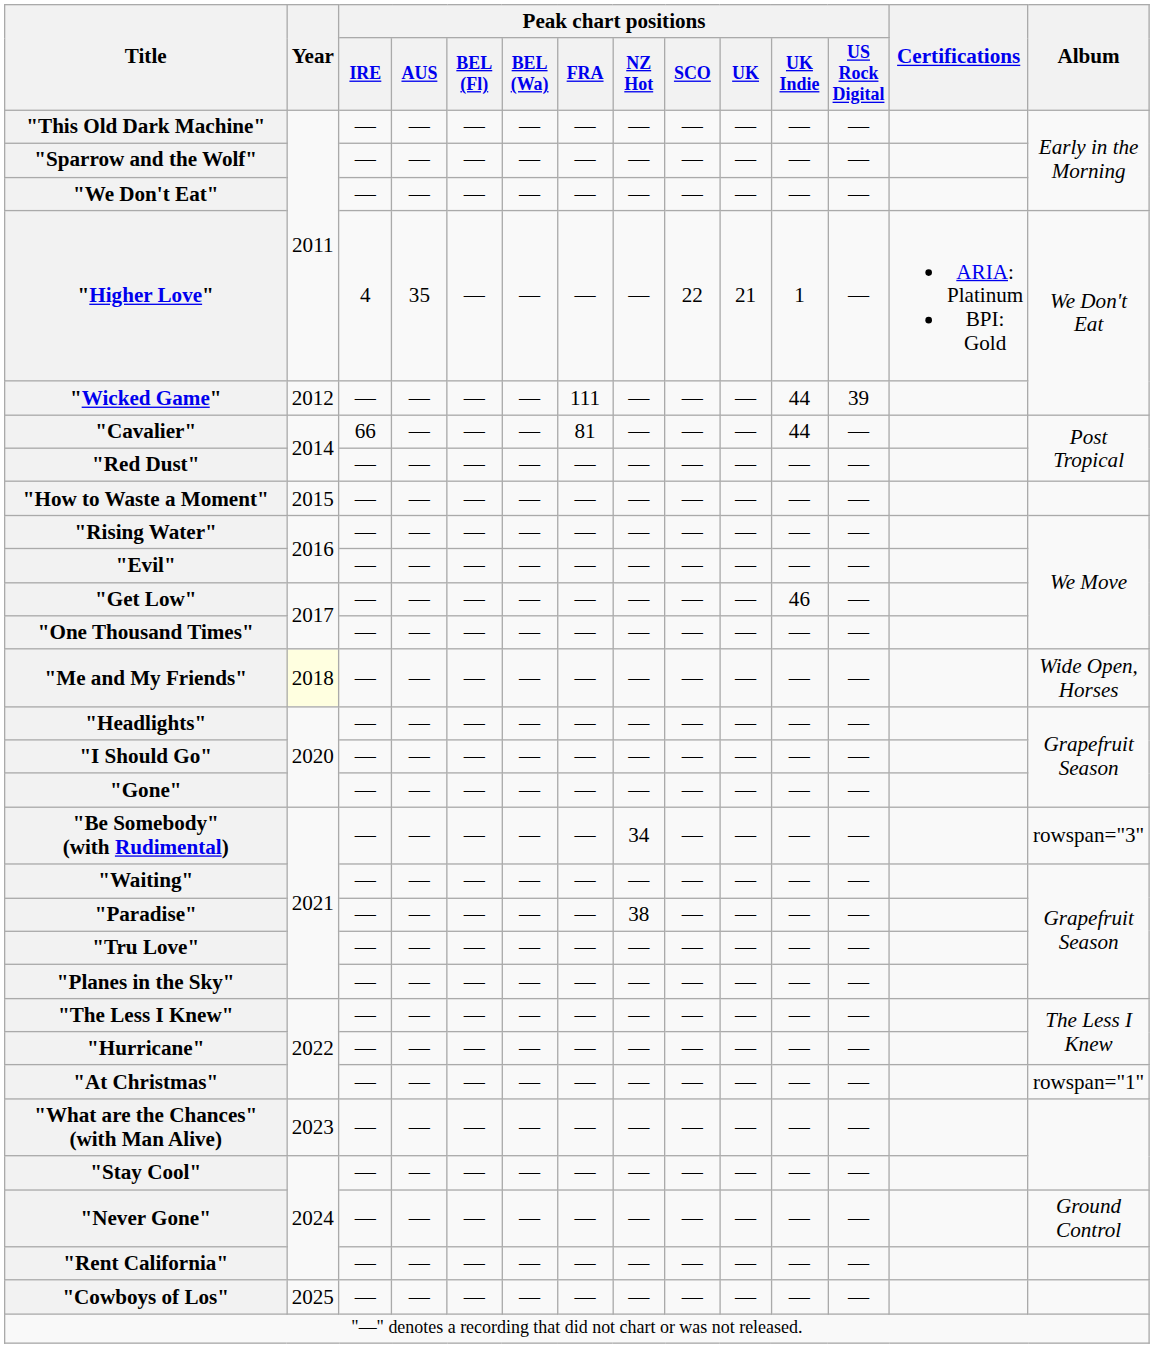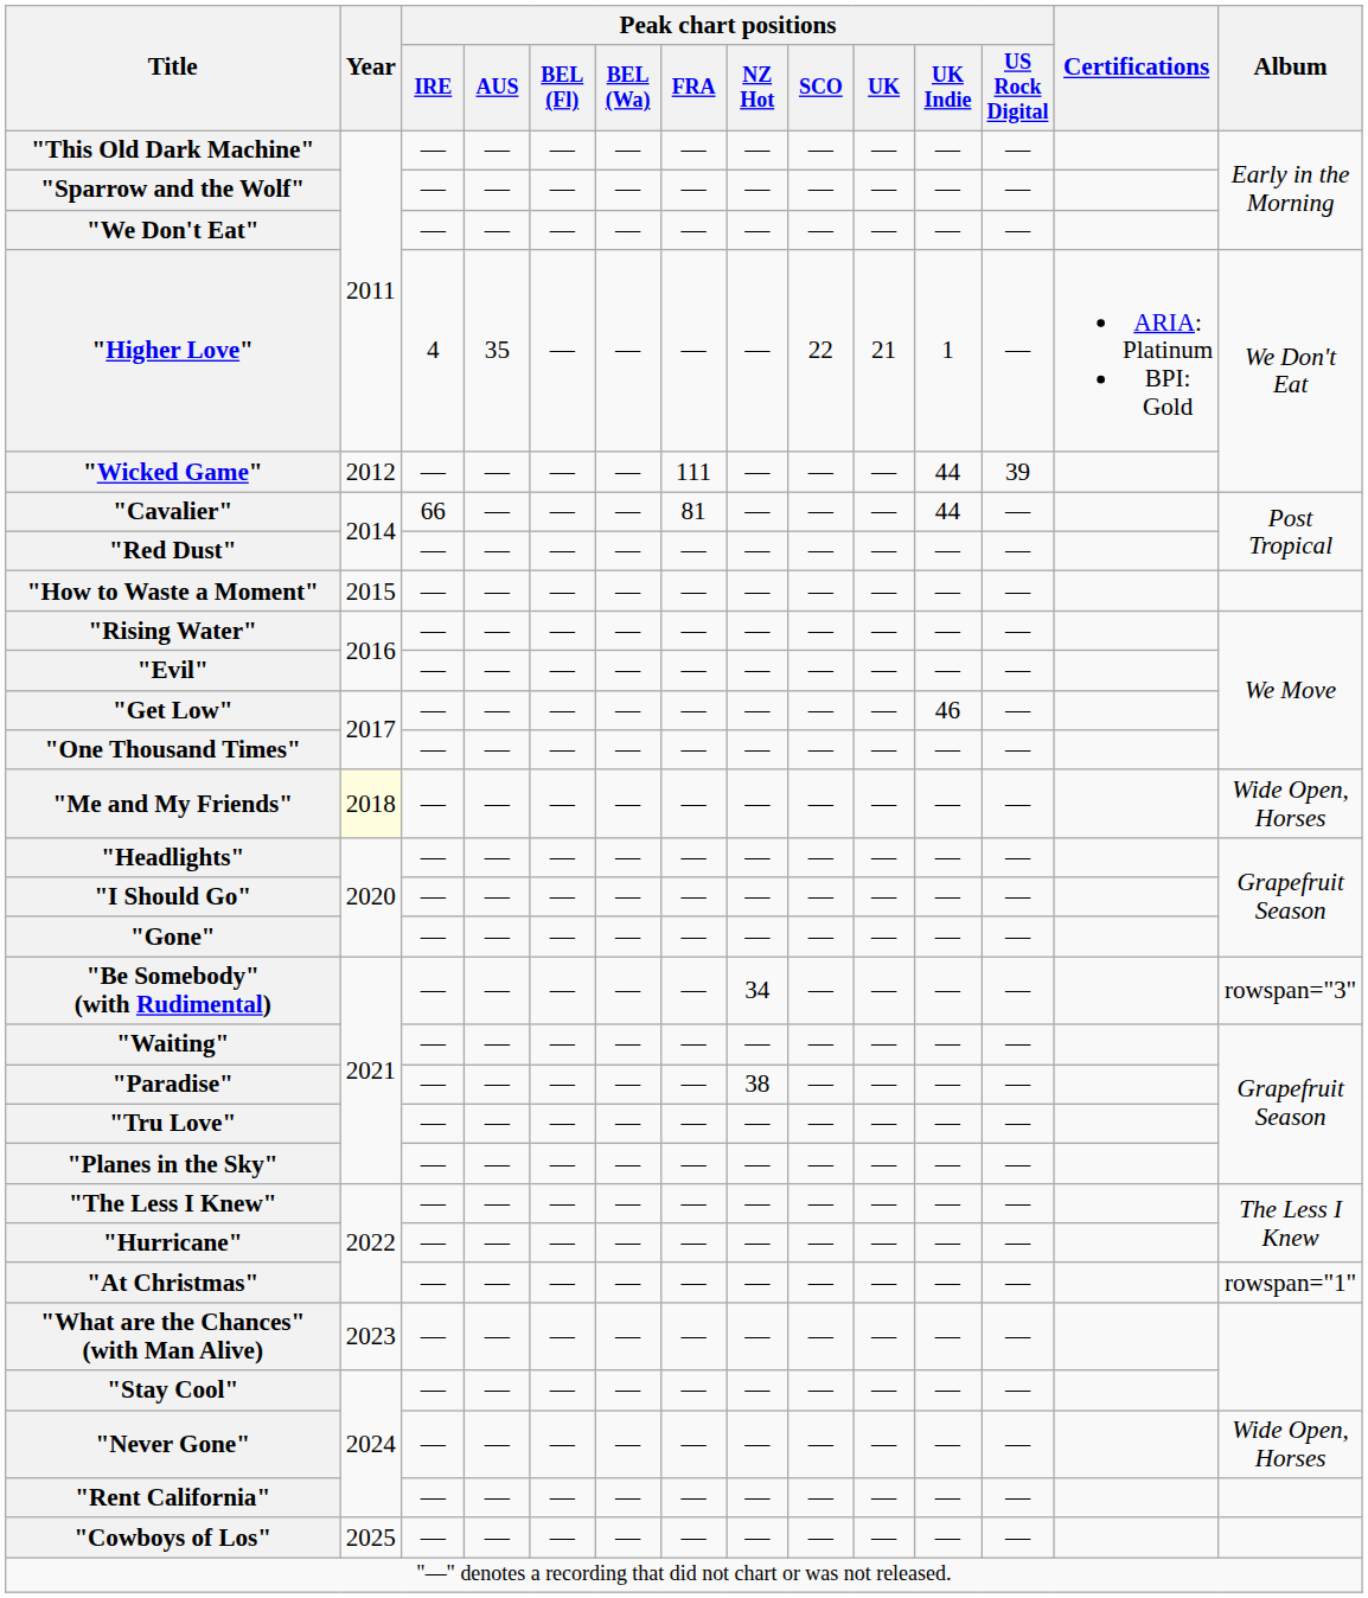 <table class="wikitable plainrowheaders" style="text-align:center;">
 <tr>
 <th scope="col" rowspan="2" style="width:18em;">Title</th>
 <th scope="col" rowspan="2" style="width:1em;">Year</th>
 <th scope="col" colspan="10">Peak chart positions</th>
 <th scope="col" rowspan="2"><a href='#'>Certifications</a></th>
 <th scope="col" rowspan="2">Album</th>
 </tr>
 <tr>
 <th scope="col" style="width:3em;font-size:85%;"><a href='#'>IRE</a><br></th>
 <th scope="col" style="width:3em;font-size:85%;"><a href='#'>AUS</a><br></th>
 <th scope="col" style="width:3em;font-size:85%;"><a href='#'>BEL <br>(Fl)</a><br></th>
 <th scope="col" style="width:3em;font-size:85%;"><a href='#'>BEL <br>(Wa)</a><br></th>
 <th scope="col" style="width:3em;font-size:85%;"><a href='#'>FRA</a><br></th>
 <th scope="col" style="width:3em;font-size:85%;"><a href='#'>NZ<br>Hot</a><br></th>
 <th scope="col" style="width:3em;font-size:85%;"><a href='#'>SCO</a><br></th>
 <th scope="col" style="width:3em;font-size:85%;"><a href='#'>UK</a><br></th>
 <th scope="col" style="width:3em;font-size:85%;"><a href='#'>UK<br>Indie</a><br></th>
 <th scope="col" style="width:3em;font-size:85%;"><a href='#'>US<br>Rock<br>Digital</a><br></th>
 </tr>
 <tr>
 <th scope="row">"This Old Dark Machine"</th>
 <td rowspan="4">2011</td>
 <td>—</td>
 <td>—</td>
 <td>—</td>
 <td>—</td>
 <td>—</td>
 <td>—</td>
 <td>—</td>
 <td>—</td>
 <td>—</td>
 <td>—</td>
 <td></td>
 <td rowspan="3"><em>Early in the Morning</em></td>
 </tr>
 <tr>
 <th scope="row">"Sparrow and the Wolf"</th>
 <td>—</td>
 <td>—</td>
 <td>—</td>
 <td>—</td>
 <td>—</td>
 <td>—</td>
 <td>—</td>
 <td>—</td>
 <td>—</td>
 <td>—</td>
 <td></td>
 </tr>
 <tr>
 <th scope="row">"We Don't Eat"</th>
 <td>—</td>
 <td>—</td>
 <td>—</td>
 <td>—</td>
 <td>—</td>
 <td>—</td>
 <td>—</td>
 <td>—</td>
 <td>—</td>
 <td>—</td>
 <td></td>
 </tr>
 <tr>
 <th scope="row">"<a href='#'>Higher Love</a>"</th>
 <td>4</td>
 <td>35</td>
 <td>—</td>
 <td>—</td>
 <td>—</td>
 <td>—</td>
 <td>22</td>
 <td>21</td>
 <td>1</td>
 <td>—</td>
 <td><br><ul><li><a href='#'>ARIA</a>: Platinum</li><li>BPI: Gold</li></ul></td>
 <td rowspan="2"><em>We Don't Eat</em></td>
 </tr>
 <tr>
 <th scope="row">"<a href='#'>Wicked Game</a>"</th>
 <td>2012</td>
 <td>—</td>
 <td>—</td>
 <td>—</td>
 <td>—</td>
 <td>111</td>
 <td>—</td>
 <td>—</td>
 <td>—</td>
 <td>44</td>
 <td>39</td>
 <td></td>
 </tr>
 <tr>
 <th scope="row">"Cavalier"</th>
 <td rowspan="2">2014</td>
 <td>66</td>
 <td>—</td>
 <td>—</td>
 <td>—</td>
 <td>81</td>
 <td>—</td>
 <td>—</td>
 <td>—</td>
 <td>44</td>
 <td>—</td>
 <td></td>
 <td rowspan="2"><em>Post Tropical</em></td>
 </tr>
 <tr>
 <th scope="row">"Red Dust"</th>
 <td>—</td>
 <td>—</td>
 <td>—</td>
 <td>—</td>
 <td>—</td>
 <td>—</td>
 <td>—</td>
 <td>—</td>
 <td>—</td>
 <td>—</td>
 <td></td>
 </tr>
 <tr>
 <th scope="row">"How to Waste a Moment"</th>
 <td>2015</td>
 <td>—</td>
 <td>—</td>
 <td>—</td>
 <td>—</td>
 <td>—</td>
 <td>—</td>
 <td>—</td>
 <td>—</td>
 <td>—</td>
 <td>—</td>
 <td></td>
 <td></td>
 </tr>
 <tr>
 <th scope="row">"Rising Water"</th>
 <td rowspan="2">2016</td>
 <td>—</td>
 <td>—</td>
 <td>—</td>
 <td>—</td>
 <td>—</td>
 <td>—</td>
 <td>—</td>
 <td>—</td>
 <td>—</td>
 <td>—</td>
 <td></td>
 <td rowspan="4"><em>We Move</em></td>
 </tr>
 <tr>
 <th scope="row">"Evil"</th>
 <td>—</td>
 <td>—</td>
 <td>—</td>
 <td>—</td>
 <td>—</td>
 <td>—</td>
 <td>—</td>
 <td>—</td>
 <td>—</td>
 <td>—</td>
 <td></td>
 </tr>
 <tr>
 <th scope="row">"Get Low"</th>
 <td rowspan="2">2017</td>
 <td>—</td>
 <td>—</td>
 <td>—</td>
 <td>—</td>
 <td>—</td>
 <td>—</td>
 <td>—</td>
 <td>—</td>
 <td>46</td>
 <td>—</td>
 <td></td>
 </tr>
 <tr>
 <th scope="row">"One Thousand Times"</th>
 <td>—</td>
 <td>—</td>
 <td>—</td>
 <td>—</td>
 <td>—</td>
 <td>—</td>
 <td>—</td>
 <td>—</td>
 <td>—</td>
 <td>—</td>
 <td></td>
 </tr>
 <tr>
 <th scope="row">"Me and My Friends"</th>
 <td style="background: lightyellow;">2018</td>
 <td>—</td>
 <td>—</td>
 <td>—</td>
 <td>—</td>
 <td>—</td>
 <td>—</td>
 <td>—</td>
 <td>—</td>
 <td>—</td>
 <td>—</td>
 <td></td>
 <td><em>Wide Open, Horses</em></td>
 </tr>
 <tr>
 <th scope="row">"Headlights"</th>
 <td rowspan="3">2020</td>
 <td>—</td>
 <td>—</td>
 <td>—</td>
 <td>—</td>
 <td>—</td>
 <td>—</td>
 <td>—</td>
 <td>—</td>
 <td>—</td>
 <td>—</td>
 <td></td>
 <td rowspan="3"><em>Grapefruit Season</em></td>
 </tr>
 <tr>
 <th scope="row">"I Should Go"</th>
 <td>—</td>
 <td>—</td>
 <td>—</td>
 <td>—</td>
 <td>—</td>
 <td>—</td>
 <td>—</td>
 <td>—</td>
 <td>—</td>
 <td>—</td>
 <td></td>
 </tr>
 <tr>
 <th scope="row">"Gone"</th>
 <td>—</td>
 <td>—</td>
 <td>—</td>
 <td>—</td>
 <td>—</td>
 <td>—</td>
 <td>—</td>
 <td>—</td>
 <td>—</td>
 <td>—</td>
 <td></td>
 </tr>
 <tr>
 <th scope="row">"Be Somebody"<br><span>(with <a href='#'>Rudimental</a>)</span></th>
 <td rowspan="5">2021</td>
 <td>—</td>
 <td>—</td>
 <td>—</td>
 <td>—</td>
 <td>—</td>
 <td>34</td>
 <td>—</td>
 <td>—</td>
 <td>—</td>
 <td>—</td>
 <td></td>
 <td>rowspan="3" </td>
 </tr>
 <tr>
 <th scope="row">"Waiting"</th>
 <td>—</td>
 <td>—</td>
 <td>—</td>
 <td>—</td>
 <td>—</td>
 <td>—</td>
 <td>—</td>
 <td>—</td>
 <td>—</td>
 <td>—</td>
 <td></td>
 <td rowspan="4"><em>Grapefruit Season</em></td>
 </tr>
 <tr>
 <th scope="row">"Paradise"</th>
 <td>—</td>
 <td>—</td>
 <td>—</td>
 <td>—</td>
 <td>—</td>
 <td>38</td>
 <td>—</td>
 <td>—</td>
 <td>—</td>
 <td>—</td>
 <td></td>
 </tr>
 <tr>
 <th scope="row">"Tru Love"</th>
 <td>—</td>
 <td>—</td>
 <td>—</td>
 <td>—</td>
 <td>—</td>
 <td>—</td>
 <td>—</td>
 <td>—</td>
 <td>—</td>
 <td>—</td>
 <td></td>
 </tr>
 <tr>
 <th scope="row">"Planes in the Sky"</th>
 <td>—</td>
 <td>—</td>
 <td>—</td>
 <td>—</td>
 <td>—</td>
 <td>—</td>
 <td>—</td>
 <td>—</td>
 <td>—</td>
 <td>—</td>
 <td></td>
 </tr>
 <tr>
 <th scope="row">"The Less I Knew"</th>
 <td rowspan="3">2022</td>
 <td>—</td>
 <td>—</td>
 <td>—</td>
 <td>—</td>
 <td>—</td>
 <td>—</td>
 <td>—</td>
 <td>—</td>
 <td>—</td>
 <td>—</td>
 <td></td>
 <td rowspan="2"><em>The Less I Knew</em></td>
 </tr>
 <tr>
 <th scope="row">"Hurricane"</th>
 <td>—</td>
 <td>—</td>
 <td>—</td>
 <td>—</td>
 <td>—</td>
 <td>—</td>
 <td>—</td>
 <td>—</td>
 <td>—</td>
 <td>—</td>
 <td></td>
 </tr>
 <tr>
 <th scope="row">"At Christmas"</th>
 <td>—</td>
 <td>—</td>
 <td>—</td>
 <td>—</td>
 <td>—</td>
 <td>—</td>
 <td>—</td>
 <td>—</td>
 <td>—</td>
 <td>—</td>
 <td></td>
 <td>rowspan="1" </td>
 </tr>
 <tr>
 <th scope="row">"What are the Chances"<br><span>(with Man Alive)</span></th>
 <td rowspan="1">2023</td>
 <td>—</td>
 <td>—</td>
 <td>—</td>
 <td>—</td>
 <td>—</td>
 <td>—</td>
 <td>—</td>
 <td>—</td>
 <td>—</td>
 <td>—</td>
 <td></td>
 </tr>
 <tr>
 <th scope="row">"Stay Cool"</th>
 <td rowspan="3">2024</td>
 <td>—</td>
 <td>—</td>
 <td>—</td>
 <td>—</td>
 <td>—</td>
 <td>—</td>
 <td>—</td>
 <td>—</td>
 <td>—</td>
 <td>—</td>
 <td></td>
 </tr>
 <tr>
 <th scope="row">"Never Gone"</th>
 <td>—</td>
 <td>—</td>
 <td>—</td>
 <td>—</td>
 <td>—</td>
 <td>—</td>
 <td>—</td>
 <td>—</td>
 <td>—</td>
 <td>—</td>
 <td></td>
-<td><em>Ground Control</em></td>
+<td><em>Wide Open, Horses</em></td>
 </tr>
 <tr>
 <th scope="row">"Rent California"</th>
 <td>—</td>
 <td>—</td>
 <td>—</td>
 <td>—</td>
 <td>—</td>
 <td>—</td>
 <td>—</td>
 <td>—</td>
 <td>—</td>
 <td>—</td>
 <td></td>
 <td></td>
 </tr>
 <tr>
 <th scope="row">"Cowboys of Los"</th>
 <td>2025</td>
 <td>—</td>
 <td>—</td>
 <td>—</td>
 <td>—</td>
 <td>—</td>
 <td>—</td>
 <td>—</td>
 <td>—</td>
 <td>—</td>
 <td>—</td>
 <td></td>
 </tr>
 <tr>
 <td colspan="20" style="text-align:center; font-size:85%;">"—" denotes a recording that did not chart or was not released.</td>
 </tr>
 </table>
